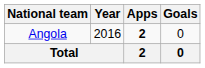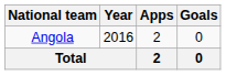 <table class="wikitable" style="text-align:center">
 <tr>
 <th>National team</th>
 <th>Year</th>
 <th>Apps</th>
 <th>Goals</th>
 </tr>
 <tr>
 <td><a href='#'>Angola</a></td>
 <td>2016</td>
-<td><strong>2</strong></td>
+<td>2</td>
 <td>0</td>
 </tr>
 <tr>
 <th colspan=2>Total</th>
 <th>2</th>
 <th>0</th>
 </tr>
 </table>
